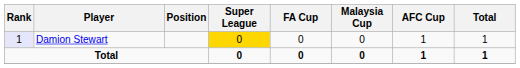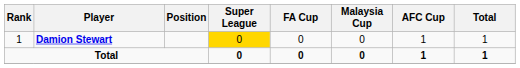 <table class="wikitable">
 <tr>
 <th>Rank</th>
 <th style="width:200px;">Player</th>
 <th>Position</th>
 <th style="width:90px;">Super League</th>
 <th style="width:90px;">FA Cup</th>
 <th style="width:90px;">Malaysia Cup</th>
 <th style="width:90px;">AFC Cup</th>
 <th style="width:90px;">Total</th>
 </tr>
 <tr>
-<td align=center style="background: lavender;">1</td>
-<td> <a href='#'>Damion Stewart</a></td>
+<td align=center>1</td>
+<td><strong> <a href='#'>Damion Stewart</a></strong></td>
 <td align=center></td>
 <td align=center style="background: gold;">0</td>
 <td align=center>0</td>
 <td align=center>0</td>
 <td align=center>1</td>
 <td align=center>1</td>
 </tr>
 <tr>
 <td align=center colspan=3><strong>Total</strong></td>
 <td align=center><strong>0</strong></td>
 <td align=center><strong>0</strong></td>
 <td align=center><strong>0</strong></td>
 <td align=center><strong>1</strong></td>
 <td align=center><strong>1</strong></td>
 </tr>
 <tr>
 </tr>
 </table>
